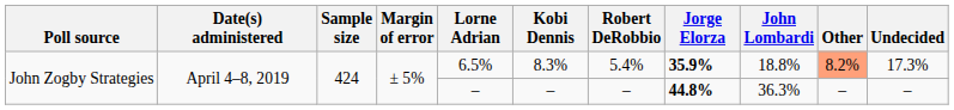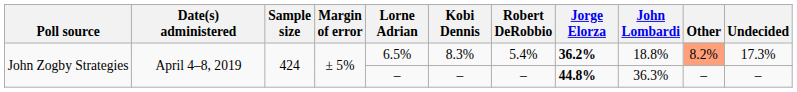 <table class="wikitable" style="font-size:90%;">
 <tr valign= bottom>
 <th>Poll source</th>
 <th style="width:135px;">Date(s)<br>administered</th>
 <th>Sample<br>size</th>
 <th>Margin<br>of error</th>
 <th style="width:60px;">Lorne<br>Adrian</th>
 <th style="width:60px;">Kobi<br>Dennis</th>
 <th style="width:60px;">Robert<br>DeRobbio</th>
 <th style="width:60px;"><a href='#'>Jorge<br>Elorza</a></th>
 <th style="width:60px;"><a href='#'>John<br>Lombardi</a></th>
 <th>Other</th>
 <th>Undecided</th>
 </tr>
 <tr>
 <td rowspan=2>John Zogby Strategies</td>
 <td align=center rowspan=2>April 4–8, 2019</td>
 <td align=center rowspan=2>424</td>
 <td align=center rowspan=2>± 5%</td>
 <td align=center>6.5%</td>
 <td align=center>8.3%</td>
 <td align=center>5.4%</td>
-<td><strong>35.9%</strong></td>
+<td><strong>36.2%</strong></td>
 <td align=center>18.8%</td>
 <td align=center style="background: lightsalmon;">8.2%</td>
 <td align=center>17.3%</td>
 </tr>
 <tr>
 <td align=center>–</td>
 <td align=center>–</td>
 <td align=center>–</td>
 <td><strong>44.8%</strong></td>
 <td align=center>36.3%</td>
 <td align=center>–</td>
 <td align=center>–</td>
 </tr>
 </table>
